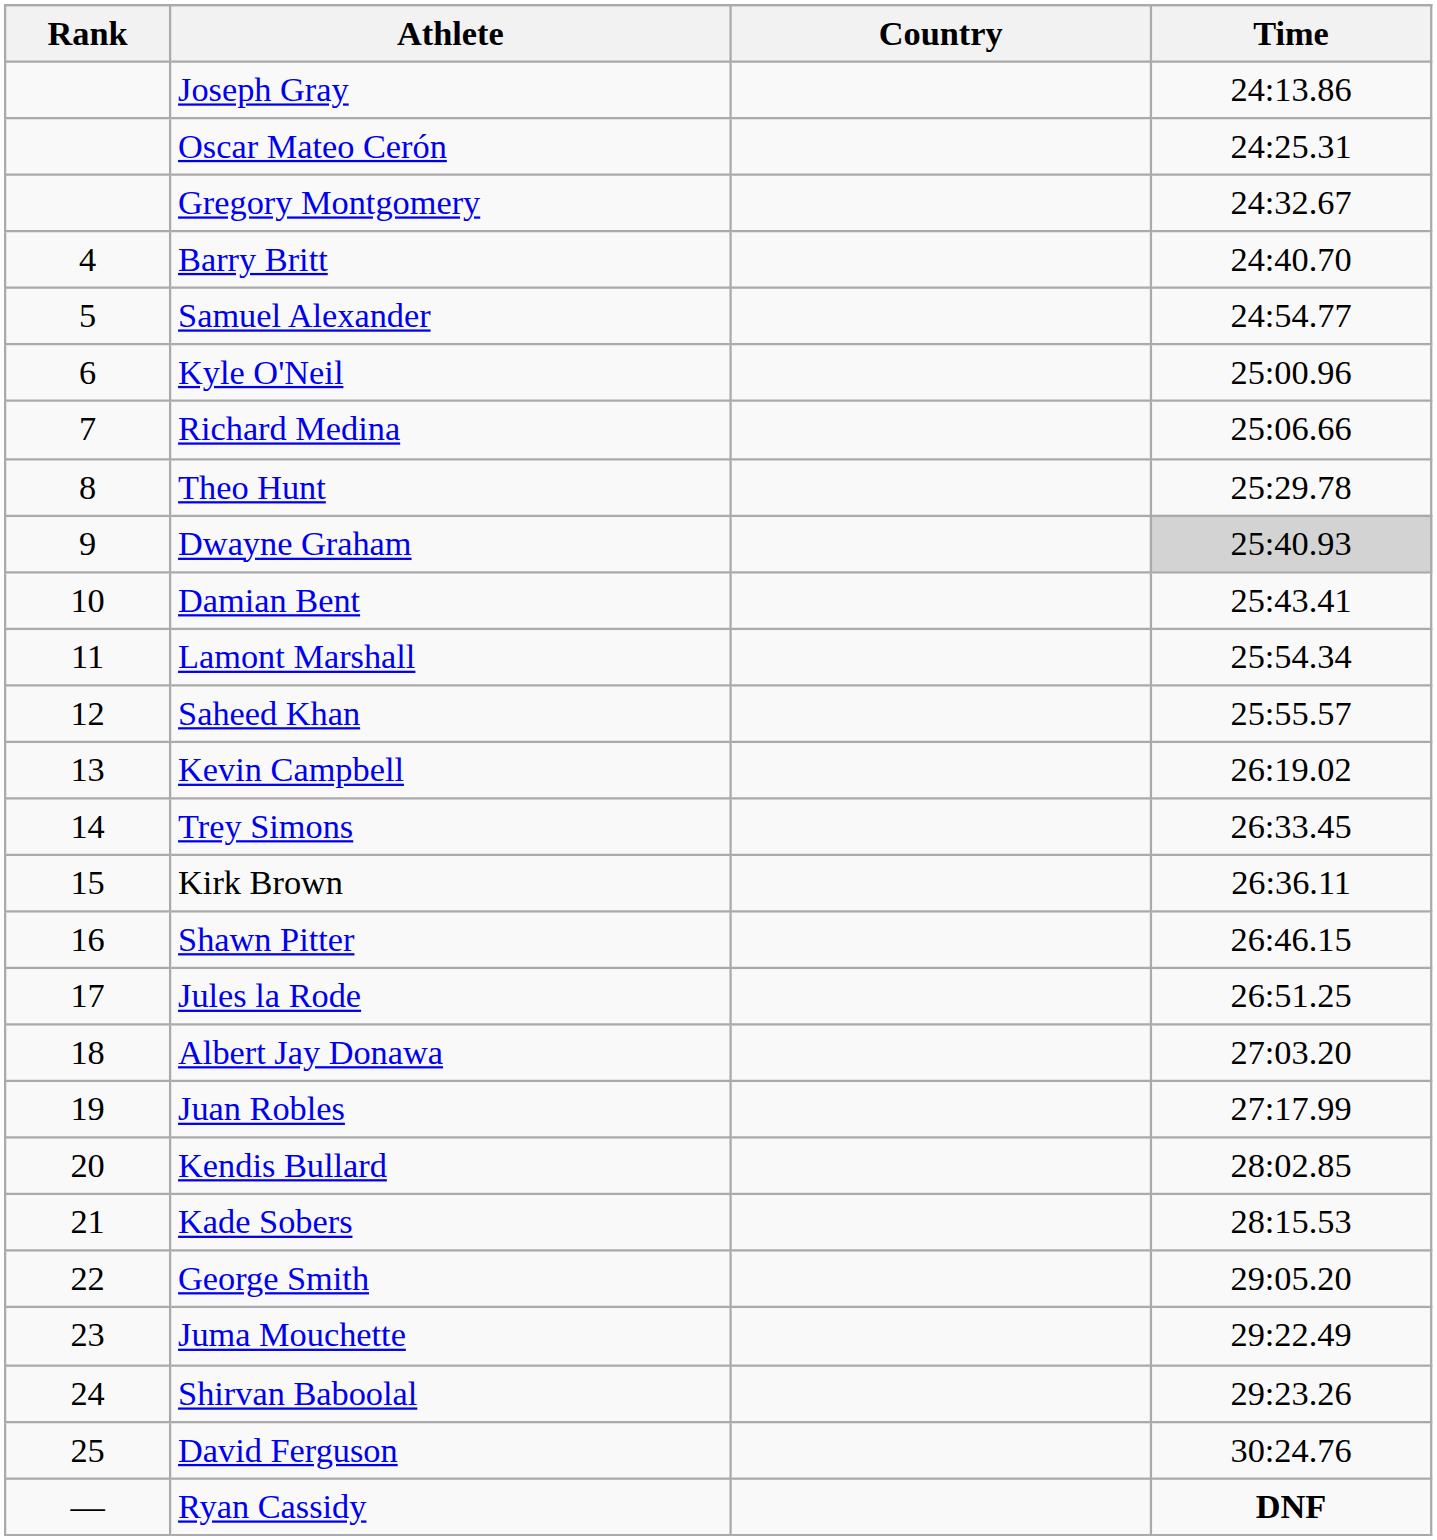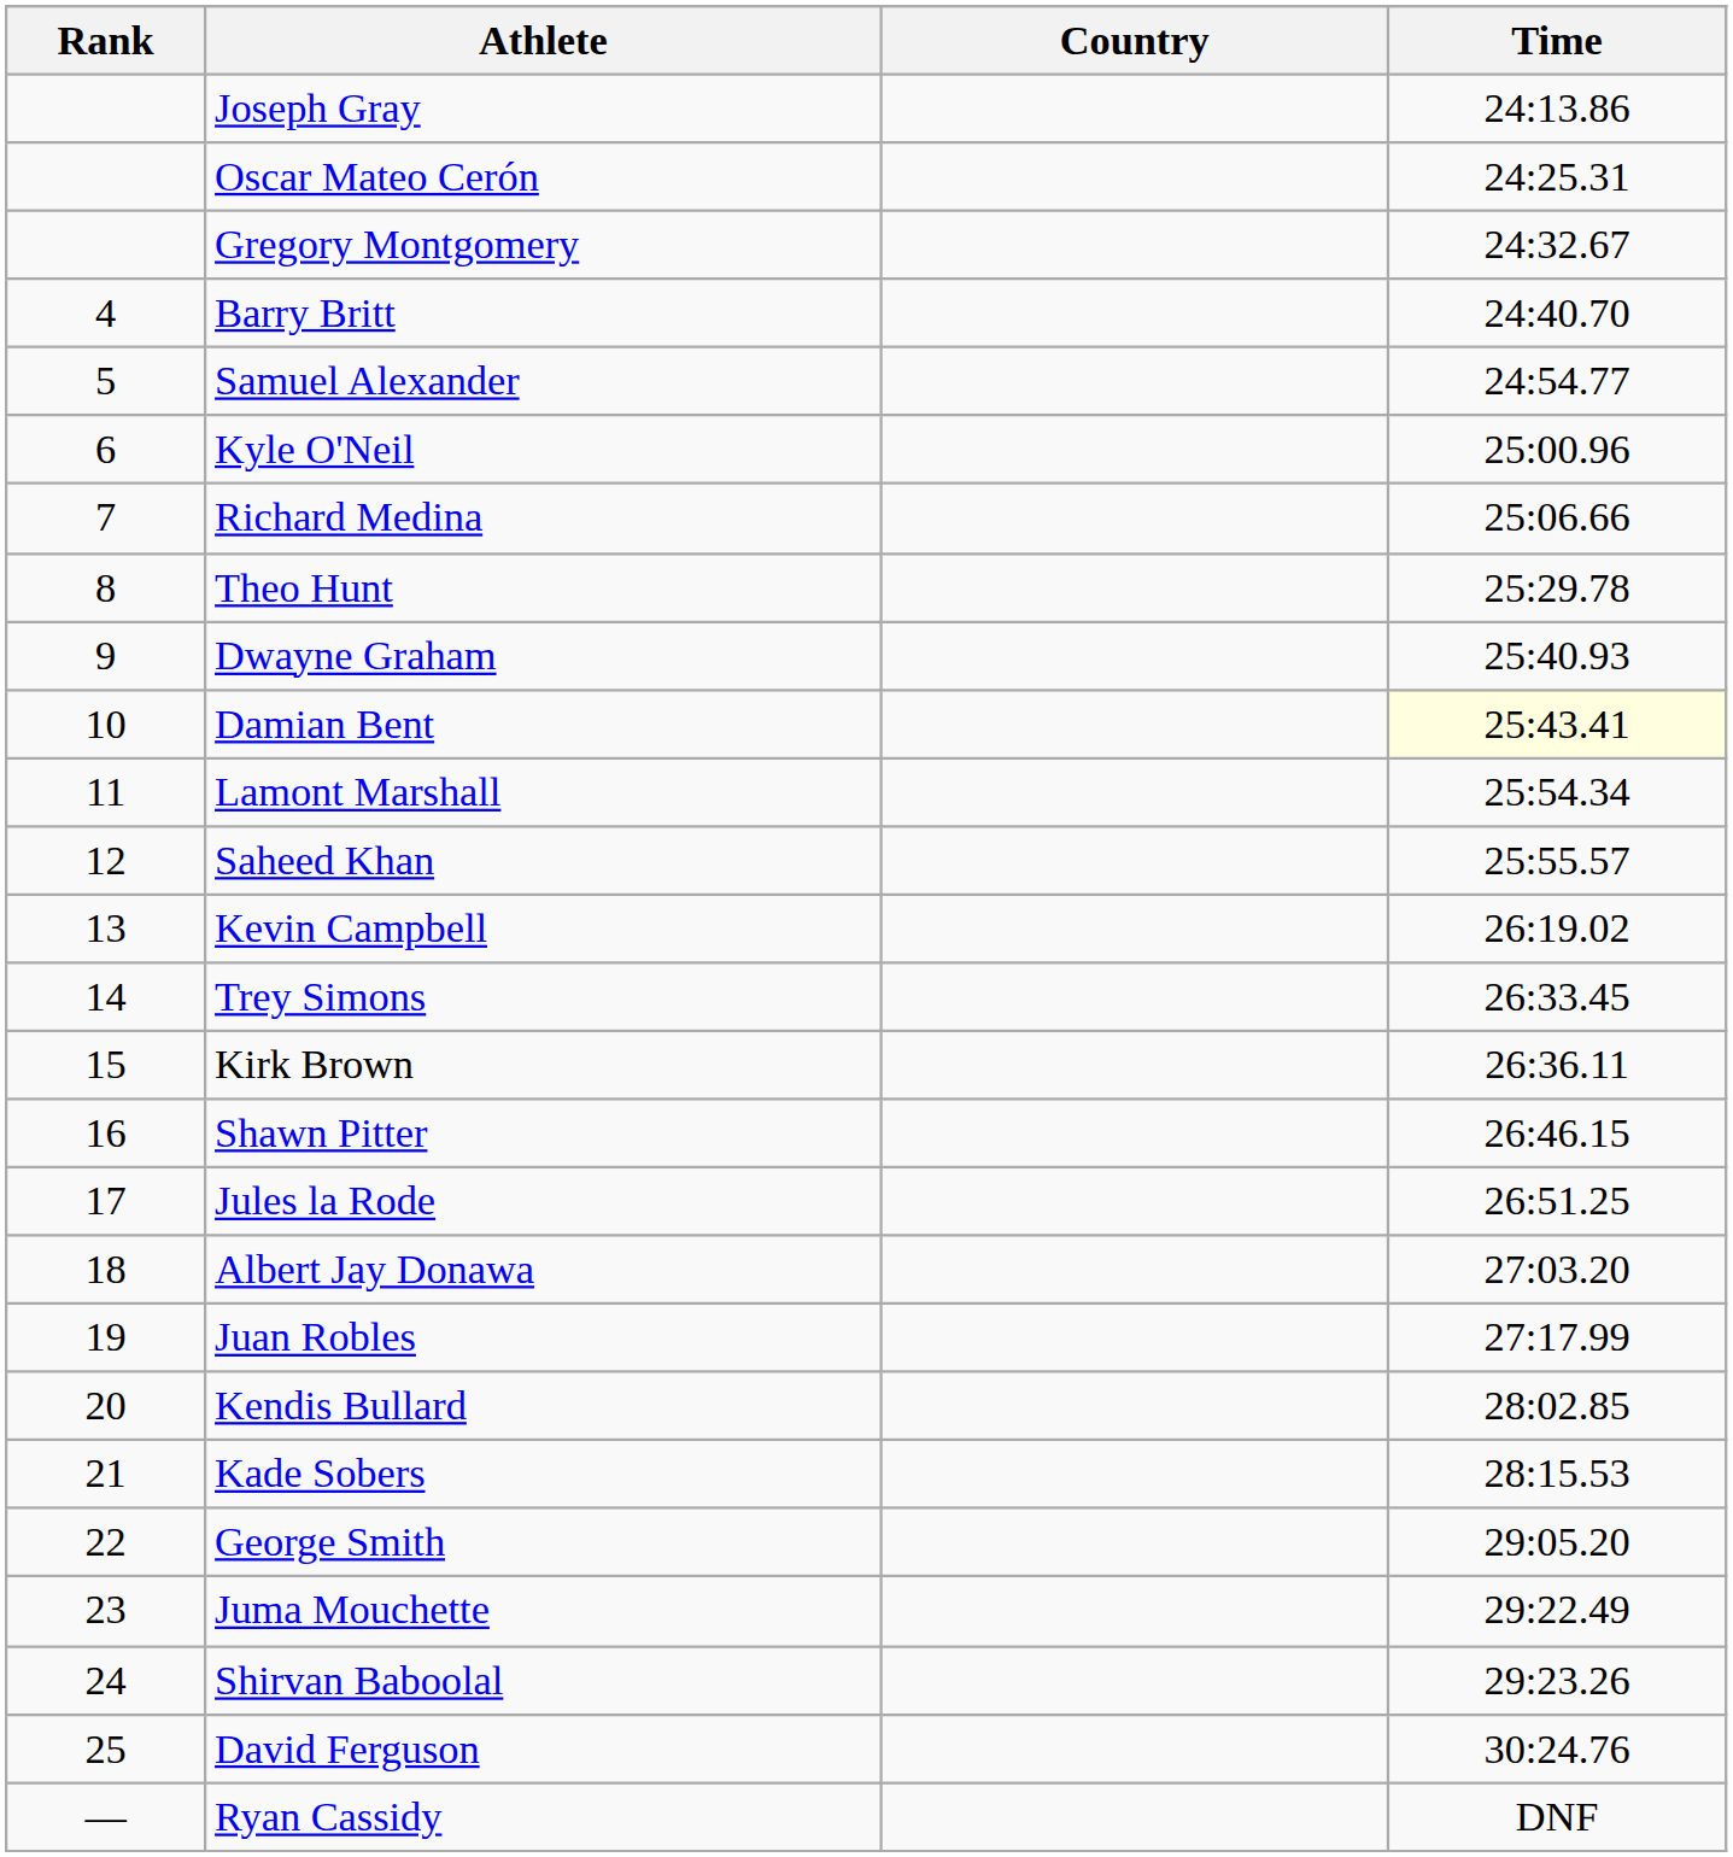 <table class="wikitable sortable" style=" text-align:center; font-size:95%;" width="50%">
 <tr>
 </tr>
 <tr>
 <th width=5%>Rank</th>
 <th width=20%>Athlete</th>
 <th width=15%>Country</th>
 <th width=10%>Time</th>
 </tr>
 <tr>
 <td align=center></td>
 <td align=left><a href='#'>Joseph Gray</a></td>
 <td align=left></td>
 <td>24:13.86</td>
 </tr>
 <tr>
 <td align=center></td>
 <td align=left><a href='#'>Oscar Mateo Cerón</a></td>
 <td align=left></td>
 <td>24:25.31</td>
 </tr>
 <tr>
 <td align=center></td>
 <td align=left><a href='#'>Gregory Montgomery</a></td>
 <td align=left></td>
 <td>24:32.67</td>
 </tr>
 <tr>
 <td align=center>4</td>
 <td align=left><a href='#'>Barry Britt</a></td>
 <td align=left></td>
 <td>24:40.70</td>
 </tr>
 <tr>
 <td align=center>5</td>
 <td align=left><a href='#'>Samuel Alexander</a></td>
 <td align=left></td>
 <td>24:54.77</td>
 </tr>
 <tr>
 <td align=center>6</td>
 <td align=left><a href='#'>Kyle O'Neil</a></td>
 <td align=left></td>
 <td>25:00.96</td>
 </tr>
 <tr>
 <td align=center>7</td>
 <td align=left><a href='#'>Richard Medina</a></td>
 <td align=left></td>
 <td>25:06.66</td>
 </tr>
 <tr>
 <td align=center>8</td>
 <td align=left><a href='#'>Theo Hunt</a></td>
 <td align=left></td>
 <td>25:29.78</td>
 </tr>
 <tr>
 <td align=center>9</td>
 <td align=left><a href='#'>Dwayne Graham</a></td>
 <td align=left></td>
-<td style="background: lightgrey;">25:40.93</td>
+<td>25:40.93</td>
 </tr>
 <tr>
 <td align=center>10</td>
 <td align=left><a href='#'>Damian Bent</a></td>
 <td align=left></td>
-<td>25:43.41</td>
+<td style="background: lightyellow;">25:43.41</td>
 </tr>
 <tr>
 <td align=center>11</td>
 <td align=left><a href='#'>Lamont Marshall</a></td>
 <td align=left></td>
 <td>25:54.34</td>
 </tr>
 <tr>
 <td align=center>12</td>
 <td align=left><a href='#'>Saheed Khan</a></td>
 <td align=left></td>
 <td>25:55.57</td>
 </tr>
 <tr>
 <td align=center>13</td>
 <td align=left><a href='#'>Kevin Campbell</a></td>
 <td align=left></td>
 <td>26:19.02</td>
 </tr>
 <tr>
 <td align=center>14</td>
 <td align=left><a href='#'>Trey Simons</a></td>
 <td align=left></td>
 <td>26:33.45</td>
 </tr>
 <tr>
 <td align=center>15</td>
 <td align=left>Kirk Brown</td>
 <td align=left></td>
 <td>26:36.11</td>
 </tr>
 <tr>
 <td align=center>16</td>
 <td align=left><a href='#'>Shawn Pitter</a></td>
 <td align=left></td>
 <td>26:46.15</td>
 </tr>
 <tr>
 <td align=center>17</td>
 <td align=left><a href='#'>Jules la Rode</a></td>
 <td align=left></td>
 <td>26:51.25</td>
 </tr>
 <tr>
 <td align=center>18</td>
 <td align=left><a href='#'>Albert Jay Donawa</a></td>
 <td align=left></td>
 <td>27:03.20</td>
 </tr>
 <tr>
 <td align=center>19</td>
 <td align=left><a href='#'>Juan Robles</a></td>
 <td align=left></td>
 <td>27:17.99</td>
 </tr>
 <tr>
 <td align=center>20</td>
 <td align=left><a href='#'>Kendis Bullard</a></td>
 <td align=left></td>
 <td>28:02.85</td>
 </tr>
 <tr>
 <td align=center>21</td>
 <td align=left><a href='#'>Kade Sobers</a></td>
 <td align=left></td>
 <td>28:15.53</td>
 </tr>
 <tr>
 <td align=center>22</td>
 <td align=left><a href='#'>George Smith</a></td>
 <td align=left></td>
 <td>29:05.20</td>
 </tr>
 <tr>
 <td align=center>23</td>
 <td align=left><a href='#'>Juma Mouchette</a></td>
 <td align=left></td>
 <td>29:22.49</td>
 </tr>
 <tr>
 <td align=center>24</td>
 <td align=left><a href='#'>Shirvan Baboolal</a></td>
 <td align=left></td>
 <td>29:23.26</td>
 </tr>
 <tr>
 <td align=center>25</td>
 <td align=left><a href='#'>David Ferguson</a></td>
 <td align=left></td>
 <td>30:24.76</td>
 </tr>
 <tr>
 <td align=center>—</td>
 <td align=left><a href='#'>Ryan Cassidy</a></td>
 <td align=left></td>
-<td><strong>DNF</strong></td>
+<td>DNF</td>
 </tr>
 </table>
